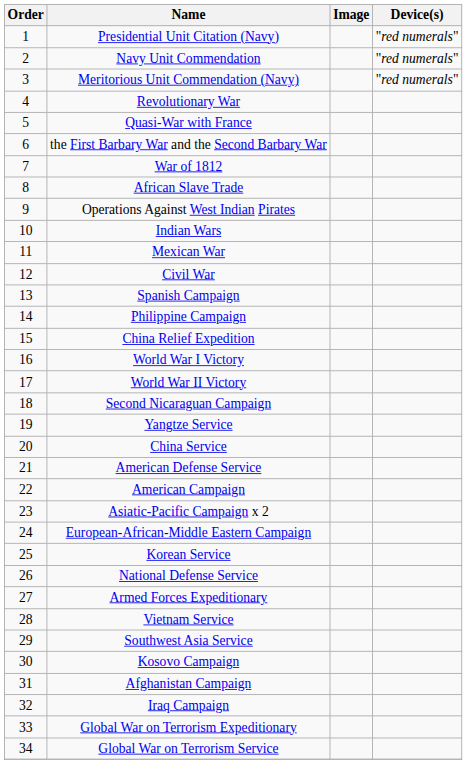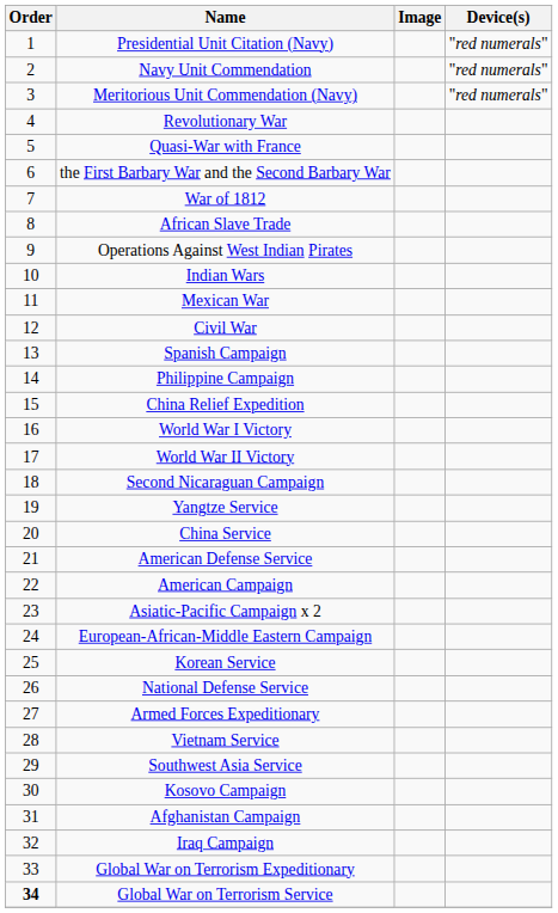 <table class="wikitable sortable collapsible collapsed" style="text-align:center;">
 <tr style="background-color:#CCCCCC;">
 <th>Order</th>
 <th>Name</th>
 <th>Image</th>
 <th>Device(s)</th>
 </tr>
 <tr>
 <td>1</td>
 <td><a href='#'>Presidential Unit Citation (Navy)</a></td>
 <td></td>
 <td>"<em><span>red numerals</span></em>"</td>
 </tr>
 <tr>
 <td>2</td>
 <td><a href='#'>Navy Unit Commendation</a></td>
 <td></td>
 <td>"<em><span>red numerals</span></em>"</td>
 </tr>
 <tr>
 <td>3</td>
 <td><a href='#'>Meritorious Unit Commendation (Navy)</a></td>
 <td></td>
 <td>"<em><span>red numerals</span></em>"</td>
 </tr>
 <tr>
 <td>4</td>
 <td><a href='#'>Revolutionary War</a></td>
 <td></td>
 <td> </td>
 </tr>
 <tr>
 <td>5</td>
 <td><a href='#'>Quasi-War with France</a></td>
 <td></td>
 <td>  </td>
 </tr>
 <tr>
 <td>6</td>
 <td>the <a href='#'>First Barbary War</a> and the <a href='#'>Second Barbary War</a></td>
 <td></td>
 <td>   </td>
 </tr>
 <tr>
 <td>7</td>
 <td><a href='#'>War of 1812</a></td>
 <td></td>
 <td>     </td>
 </tr>
 <tr>
 <td>8</td>
 <td><a href='#'>African Slave Trade</a></td>
 <td></td>
 <td></td>
 </tr>
 <tr>
 <td>9</td>
 <td>Operations Against <a href='#'>West Indian</a> <a href='#'>Pirates</a></td>
 <td></td>
 <td></td>
 </tr>
 <tr>
 <td>10</td>
 <td><a href='#'>Indian Wars</a></td>
 <td></td>
 <td></td>
 </tr>
 <tr>
 <td>11</td>
 <td><a href='#'>Mexican War</a></td>
 <td></td>
 <td>   </td>
 </tr>
 <tr>
 <td>12</td>
 <td><a href='#'>Civil War</a></td>
 <td></td>
 <td>  </td>
 </tr>
 <tr>
 <td>13</td>
 <td><a href='#'>Spanish Campaign</a></td>
 <td></td>
 <td>   </td>
 </tr>
 <tr>
 <td>14</td>
 <td><a href='#'>Philippine Campaign</a></td>
 <td></td>
 <td></td>
 </tr>
 <tr>
 <td>15</td>
 <td><a href='#'>China Relief Expedition</a></td>
 <td></td>
 <td></td>
 </tr>
 <tr>
 <td>16</td>
 <td><a href='#'>World War I Victory</a></td>
 <td></td>
 <td></td>
 </tr>
 <tr>
 <td>17</td>
 <td><a href='#'>World War II Victory</a></td>
 <td></td>
 <td></td>
 </tr>
 <tr>
 <td>18</td>
 <td><a href='#'>Second Nicaraguan Campaign</a></td>
 <td></td>
 <td></td>
 </tr>
 <tr>
 <td>19</td>
 <td><a href='#'>Yangtze Service</a></td>
 <td></td>
 <td></td>
 </tr>
 <tr>
 <td>20</td>
 <td><a href='#'>China Service</a></td>
 <td></td>
 <td></td>
 </tr>
 <tr>
 <td>21</td>
 <td><a href='#'>American Defense Service</a></td>
 <td></td>
 <td></td>
 </tr>
 <tr>
 <td>22</td>
 <td><a href='#'>American Campaign</a></td>
 <td></td>
 <td></td>
 </tr>
 <tr>
 <td>23</td>
 <td><a href='#'>Asiatic-Pacific Campaign</a> x 2</td>
 <td></td>
 <td>     <br>    </td>
 </tr>
 <tr>
 <td>24</td>
 <td><a href='#'>European-African-Middle Eastern Campaign</a></td>
 <td></td>
 <td>    </td>
 </tr>
 <tr>
 <td>25</td>
 <td><a href='#'>Korean Service</a></td>
 <td></td>
 <td> </td>
 </tr>
 <tr>
 <td>26</td>
 <td><a href='#'>National Defense Service</a></td>
 <td></td>
 <td></td>
 </tr>
 <tr>
 <td>27</td>
 <td><a href='#'>Armed Forces Expeditionary</a></td>
 <td></td>
 <td>     </td>
 </tr>
 <tr>
 <td>28</td>
 <td><a href='#'>Vietnam Service</a></td>
 <td></td>
 <td>    </td>
 </tr>
 <tr>
 <td>29</td>
 <td><a href='#'>Southwest Asia Service</a></td>
 <td></td>
 <td>  </td>
 </tr>
 <tr>
 <td>30</td>
 <td><a href='#'>Kosovo Campaign</a></td>
 <td></td>
 <td> </td>
 </tr>
 <tr>
 <td>31</td>
 <td><a href='#'>Afghanistan Campaign</a></td>
 <td></td>
 <td>  </td>
 </tr>
 <tr>
 <td>32</td>
 <td><a href='#'>Iraq Campaign</a></td>
 <td></td>
 <td>   </td>
 </tr>
 <tr>
 <td>33</td>
 <td><a href='#'>Global War on Terrorism Expeditionary</a></td>
 <td></td>
 <td></td>
 </tr>
 <tr>
-<td>34</td>
+<td><strong>34</strong></td>
 <td><a href='#'>Global War on Terrorism Service</a></td>
 <td></td>
 <td></td>
 </tr>
 <tr>
 </tr>
 </table>
